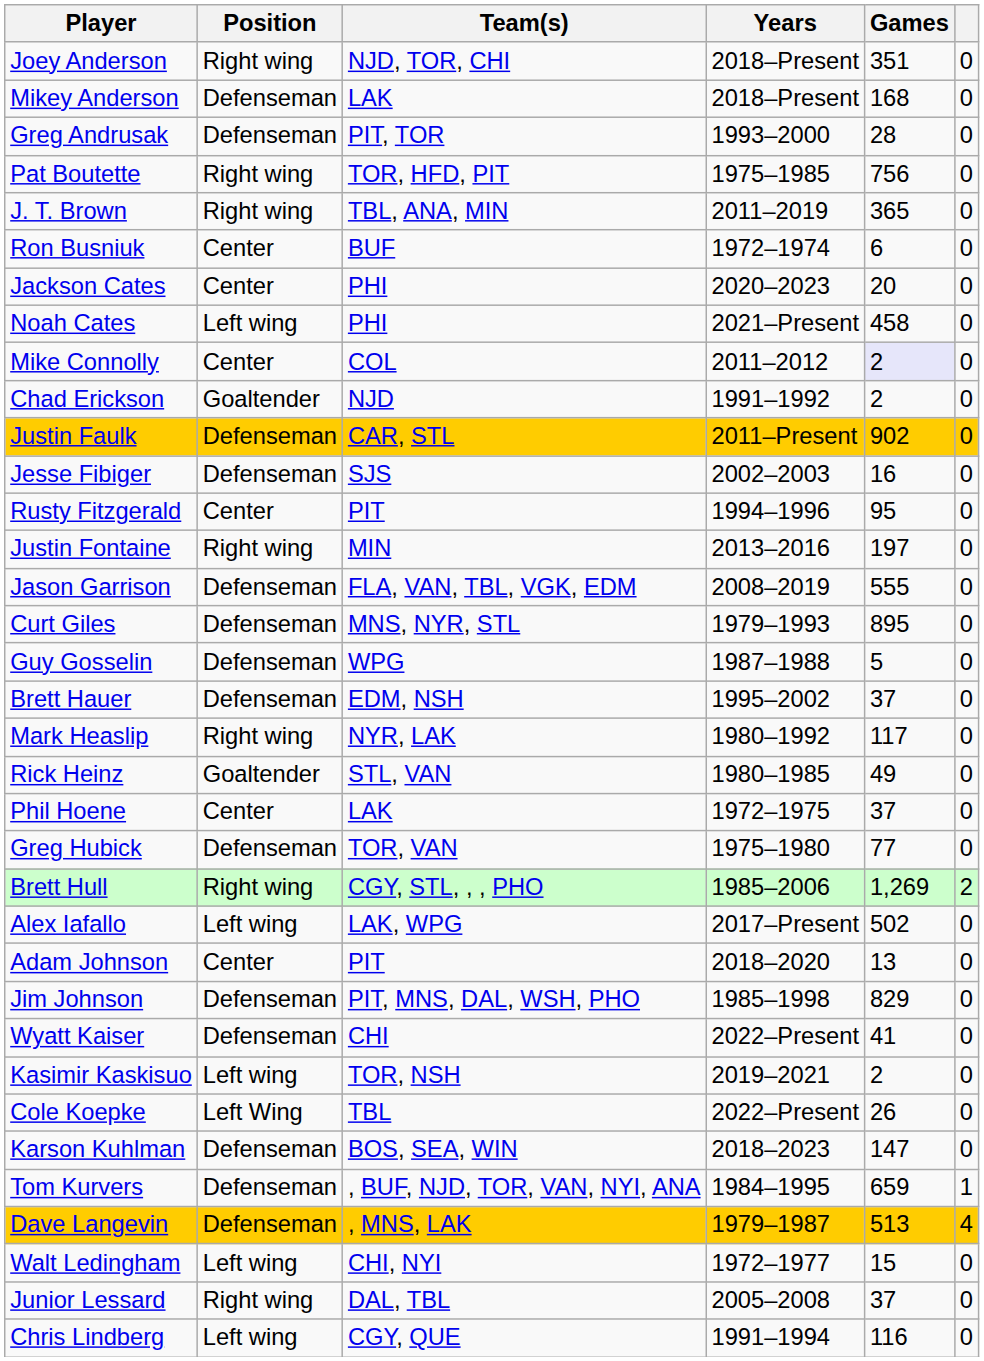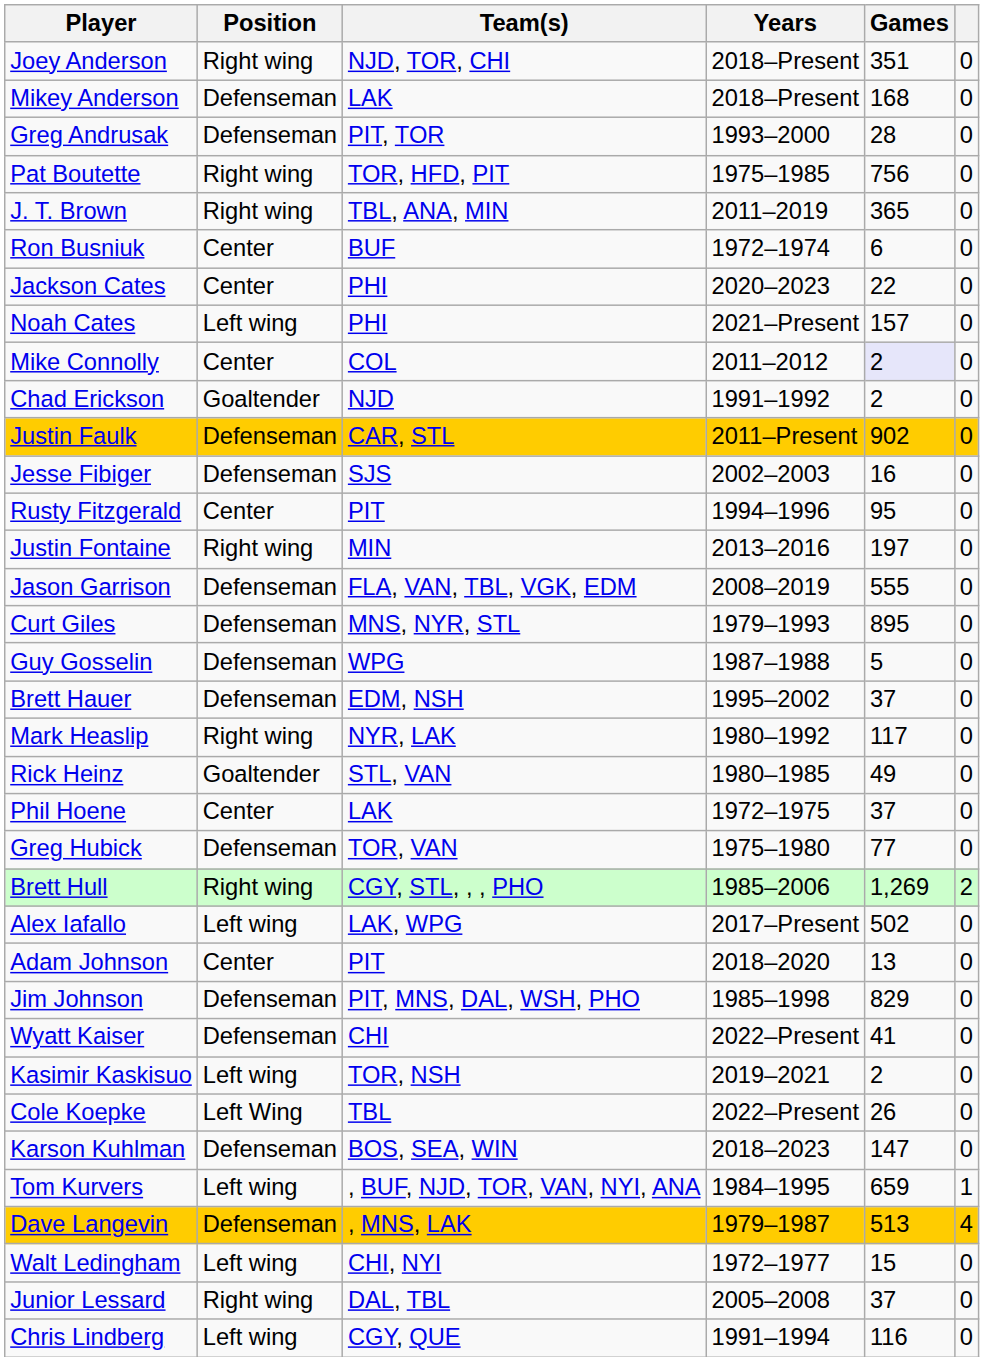 <table class="wikitable sortable">
 <tr>
 <th>Player</th>
 <th>Position</th>
 <th>Team(s)</th>
 <th>Years</th>
 <th>Games</th>
 <th><a href='#'></a></th>
 </tr>
 <tr>
 <td><a href='#'>Joey Anderson</a></td>
 <td>Right wing</td>
 <td><a href='#'>NJD</a>, <a href='#'>TOR</a>, <a href='#'>CHI</a></td>
 <td>2018–Present</td>
 <td>351</td>
 <td>0</td>
 </tr>
 <tr>
 <td><a href='#'>Mikey Anderson</a></td>
 <td>Defenseman</td>
 <td><a href='#'>LAK</a></td>
 <td>2018–Present</td>
 <td>168</td>
 <td>0</td>
 </tr>
 <tr>
 <td><a href='#'>Greg Andrusak</a></td>
 <td>Defenseman</td>
 <td><a href='#'>PIT</a>, <a href='#'>TOR</a></td>
 <td>1993–2000</td>
 <td>28</td>
 <td>0</td>
 </tr>
 <tr>
 <td><a href='#'>Pat Boutette</a></td>
 <td>Right wing</td>
 <td><a href='#'>TOR</a>, <a href='#'>HFD</a>, <a href='#'>PIT</a></td>
 <td>1975–1985</td>
 <td>756</td>
 <td>0</td>
 </tr>
 <tr>
 <td><a href='#'>J. T. Brown</a></td>
 <td>Right wing</td>
 <td><a href='#'>TBL</a>, <a href='#'>ANA</a>, <a href='#'>MIN</a></td>
 <td>2011–2019</td>
 <td>365</td>
 <td>0</td>
 </tr>
 <tr>
 <td><a href='#'>Ron Busniuk</a></td>
 <td>Center</td>
 <td><a href='#'>BUF</a></td>
 <td>1972–1974</td>
 <td>6</td>
 <td>0</td>
 </tr>
 <tr>
 <td><a href='#'>Jackson Cates</a></td>
 <td>Center</td>
 <td><a href='#'>PHI</a></td>
 <td>2020–2023</td>
-<td>20</td>
+<td>22</td>
 <td>0</td>
 </tr>
 <tr>
 <td><a href='#'>Noah Cates</a></td>
 <td>Left wing</td>
 <td><a href='#'>PHI</a></td>
 <td>2021–Present</td>
-<td>458</td>
+<td>157</td>
 <td>0</td>
 </tr>
 <tr>
 <td><a href='#'>Mike Connolly</a></td>
 <td>Center</td>
 <td><a href='#'>COL</a></td>
 <td>2011–2012</td>
 <td style="background: lavender;">2</td>
 <td>0</td>
 </tr>
 <tr>
 <td><a href='#'>Chad Erickson</a></td>
 <td>Goaltender</td>
 <td><a href='#'>NJD</a></td>
 <td>1991–1992</td>
 <td>2</td>
 <td>0</td>
 </tr>
 <tr bgcolor=#ffcc00>
 <td><a href='#'>Justin Faulk</a></td>
 <td>Defenseman</td>
 <td><a href='#'>CAR</a>, <a href='#'>STL</a></td>
 <td>2011–Present</td>
 <td>902</td>
 <td>0</td>
 </tr>
 <tr>
 <td><a href='#'>Jesse Fibiger</a></td>
 <td>Defenseman</td>
 <td><a href='#'>SJS</a></td>
 <td>2002–2003</td>
 <td>16</td>
 <td>0</td>
 </tr>
 <tr>
 <td><a href='#'>Rusty Fitzgerald</a></td>
 <td>Center</td>
 <td><a href='#'>PIT</a></td>
 <td>1994–1996</td>
 <td>95</td>
 <td>0</td>
 </tr>
 <tr>
 <td><a href='#'>Justin Fontaine</a></td>
 <td>Right wing</td>
 <td><a href='#'>MIN</a></td>
 <td>2013–2016</td>
 <td>197</td>
 <td>0</td>
 </tr>
 <tr>
 <td><a href='#'>Jason Garrison</a></td>
 <td>Defenseman</td>
 <td><a href='#'>FLA</a>, <a href='#'>VAN</a>, <a href='#'>TBL</a>, <a href='#'>VGK</a>, <a href='#'>EDM</a></td>
 <td>2008–2019</td>
 <td>555</td>
 <td>0</td>
 </tr>
 <tr>
 <td><a href='#'>Curt Giles</a></td>
 <td>Defenseman</td>
 <td><a href='#'>MNS</a>, <a href='#'>NYR</a>, <a href='#'>STL</a></td>
 <td>1979–1993</td>
 <td>895</td>
 <td>0</td>
 </tr>
 <tr>
 <td><a href='#'>Guy Gosselin</a></td>
 <td>Defenseman</td>
 <td><a href='#'>WPG</a></td>
 <td>1987–1988</td>
 <td>5</td>
 <td>0</td>
 </tr>
 <tr>
 <td><a href='#'>Brett Hauer</a></td>
 <td>Defenseman</td>
 <td><a href='#'>EDM</a>, <a href='#'>NSH</a></td>
 <td>1995–2002</td>
 <td>37</td>
 <td>0</td>
 </tr>
 <tr>
 <td><a href='#'>Mark Heaslip</a></td>
 <td>Right wing</td>
 <td><a href='#'>NYR</a>, <a href='#'>LAK</a></td>
 <td>1980–1992</td>
 <td>117</td>
 <td>0</td>
 </tr>
 <tr>
 <td><a href='#'>Rick Heinz</a></td>
 <td>Goaltender</td>
 <td><a href='#'>STL</a>, <a href='#'>VAN</a></td>
 <td>1980–1985</td>
 <td>49</td>
 <td>0</td>
 </tr>
 <tr>
 <td><a href='#'>Phil Hoene</a></td>
 <td>Center</td>
 <td><a href='#'>LAK</a></td>
 <td>1972–1975</td>
 <td>37</td>
 <td>0</td>
 </tr>
 <tr>
 <td><a href='#'>Greg Hubick</a></td>
 <td>Defenseman</td>
 <td><a href='#'>TOR</a>, <a href='#'>VAN</a></td>
 <td>1975–1980</td>
 <td>77</td>
 <td>0</td>
 </tr>
 <tr bgcolor=#ccffcc>
 <td><a href='#'>Brett Hull</a></td>
 <td>Right wing</td>
 <td><a href='#'>CGY</a>, <a href='#'>STL</a>, <span><strong></strong></span>, <span><strong></strong></span>, <a href='#'>PHO</a></td>
 <td>1985–2006</td>
 <td>1,269</td>
 <td>2</td>
 </tr>
 <tr>
 <td><a href='#'>Alex Iafallo</a></td>
 <td>Left wing</td>
 <td><a href='#'>LAK</a>, <a href='#'>WPG</a></td>
 <td>2017–Present</td>
 <td>502</td>
 <td>0</td>
 </tr>
 <tr>
 <td><a href='#'>Adam Johnson</a></td>
 <td>Center</td>
 <td><a href='#'>PIT</a></td>
 <td>2018–2020</td>
 <td>13</td>
 <td>0</td>
 </tr>
 <tr>
 <td><a href='#'>Jim Johnson</a></td>
 <td>Defenseman</td>
 <td><a href='#'>PIT</a>, <a href='#'>MNS</a>, <a href='#'>DAL</a>, <a href='#'>WSH</a>, <a href='#'>PHO</a></td>
 <td>1985–1998</td>
 <td>829</td>
 <td>0</td>
 </tr>
 <tr>
 <td><a href='#'>Wyatt Kaiser</a></td>
 <td>Defenseman</td>
 <td><a href='#'>CHI</a></td>
 <td>2022–Present</td>
 <td>41</td>
 <td>0</td>
 </tr>
 <tr>
 <td><a href='#'>Kasimir Kaskisuo</a></td>
 <td>Left wing</td>
 <td><a href='#'>TOR</a>, <a href='#'>NSH</a></td>
 <td>2019–2021</td>
 <td>2</td>
 <td>0</td>
 </tr>
 <tr>
 <td><a href='#'>Cole Koepke</a></td>
 <td>Left Wing</td>
 <td><a href='#'>TBL</a></td>
 <td>2022–Present</td>
 <td>26</td>
 <td>0</td>
 </tr>
 <tr>
 <td><a href='#'>Karson Kuhlman</a></td>
 <td>Defenseman</td>
 <td><a href='#'>BOS</a>, <a href='#'>SEA</a>, <a href='#'>WIN</a></td>
 <td>2018–2023</td>
 <td>147</td>
 <td>0</td>
 </tr>
 <tr>
 <td><a href='#'>Tom Kurvers</a></td>
-<td>Defenseman</td>
+<td>Left wing</td>
 <td><span><strong></strong></span>, <a href='#'>BUF</a>, <a href='#'>NJD</a>, <a href='#'>TOR</a>, <a href='#'>VAN</a>, <a href='#'>NYI</a>, <a href='#'>ANA</a></td>
 <td>1984–1995</td>
 <td>659</td>
 <td>1</td>
 </tr>
 <tr bgcolor=#ffcc00>
 <td><a href='#'>Dave Langevin</a></td>
 <td>Defenseman</td>
 <td><span><strong></strong></span>, <a href='#'>MNS</a>, <a href='#'>LAK</a></td>
 <td>1979–1987</td>
 <td>513</td>
 <td>4</td>
 </tr>
 <tr>
 <td><a href='#'>Walt Ledingham</a></td>
 <td>Left wing</td>
 <td><a href='#'>CHI</a>, <a href='#'>NYI</a></td>
 <td>1972–1977</td>
 <td>15</td>
 <td>0</td>
 </tr>
 <tr>
 <td><a href='#'>Junior Lessard</a></td>
 <td>Right wing</td>
 <td><a href='#'>DAL</a>, <a href='#'>TBL</a></td>
 <td>2005–2008</td>
 <td>37</td>
 <td>0</td>
 </tr>
 <tr>
 <td><a href='#'>Chris Lindberg</a></td>
 <td>Left wing</td>
 <td><a href='#'>CGY</a>, <a href='#'>QUE</a></td>
 <td>1991–1994</td>
 <td>116</td>
 <td>0</td>
 </tr>
 <tr>
 </tr>
 </table>
